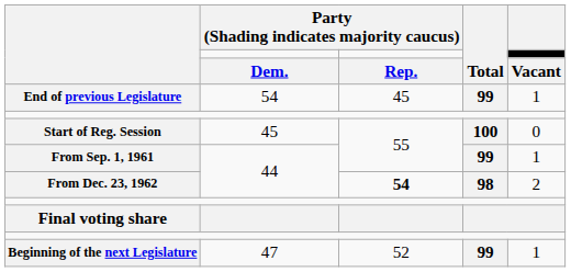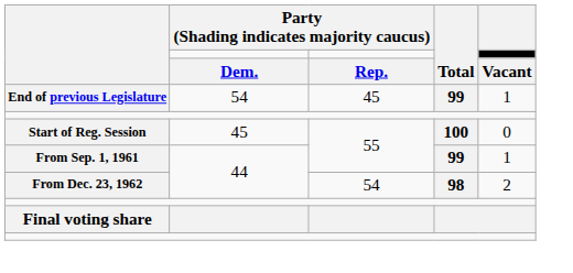 <table class=wikitable style="text-align:center">
 <tr style="vertical-align:bottom;">
 <th rowspan=3></th>
 <th colspan=2>Party <div>(Shading indicates majority caucus)</div></th>
 <th rowspan=3>Total</th>
 <th></th>
 </tr>
 <tr style="height:5px">
 <td style="background-color:"></td>
 <td style="background-color:"></td>
 <td style="background:black;"></td>
 </tr>
 <tr>
 <th><a href='#'>Dem.</a></th>
 <th><a href='#'>Rep.</a></th>
 <th>Vacant</th>
 </tr>
 <tr>
 <th style="font-size:80%;">End of <a href='#'>previous Legislature</a></th>
 <td>54</td>
 <td>45</td>
 <th>99</th>
 <td>1</td>
 </tr>
 <tr>
 <td colspan=5></td>
 </tr>
 <tr>
 <th style="font-size:80%;">Start of Reg. Session</th>
 <td>45</td>
 <td rowspan="2" >55</td>
 <th>100</th>
 <td>0</td>
 </tr>
 <tr>
 <th style="font-size:80%;">From Sep. 1, 1961</th>
 <td rowspan="2">44</td>
 <th>99</th>
 <td>1</td>
 </tr>
 <tr>
 <th style="font-size:80%;">From Dec. 23, 1962</th>
-<td><strong>54</strong></td>
+<td>54</td>
 <th>98</th>
 <td>2</td>
 </tr>
 <tr>
 <td colspan=5></td>
 </tr>
 <tr>
 <th>Final voting share</th>
 <th></th>
 <th></th>
 <th colspan=2></th>
 </tr>
 <tr>
 <td colspan=5></td>
 </tr>
-<tr>
-<th style="font-size:80%;">Beginning of the <a href='#'>next Legislature</a></th>
-<td>47</td>
-<td>52</td>
-<th>99</th>
-<td>1</td>
-</tr>
 </table>
